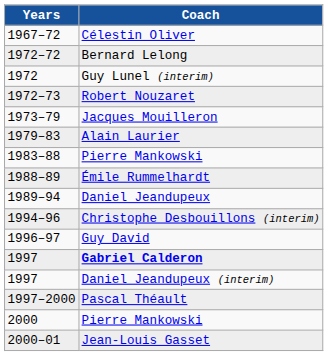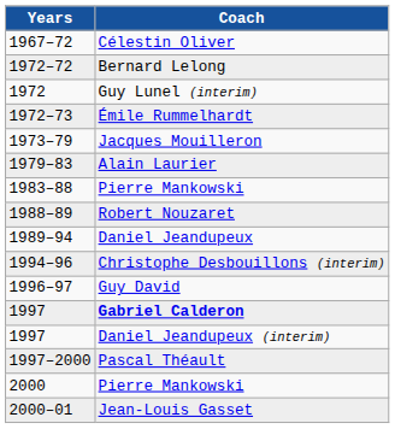 <table class="wikitable" style="font-size:95%; float:left; margin-right:1em;">
 <tr>
 <th style="color:#ffffff; background:#16529c;">Years</th>
 <th style="color:#ffffff; background:#16529c;">Coach</th>
 </tr>
 <tr>
 <td>1967–72</td>
 <td><a href='#'>Célestin Oliver</a></td>
 </tr>
 <tr style="background:#EEE">
 <td>1972–72</td>
 <td>Bernard Lelong</td>
 </tr>
 <tr>
 <td>1972</td>
 <td>Guy Lunel <small><em>(interim)</em></small></td>
 </tr>
 <tr style="background:#EEE">
 <td>1972–73</td>
-<td><a href='#'>Robert Nouzaret</a></td>
+<td><a href='#'>Émile Rummelhardt</a></td>
 </tr>
 <tr>
 <td>1973–79</td>
 <td><a href='#'>Jacques Mouilleron</a></td>
 </tr>
 <tr style="background:#EEE">
 <td>1979–83</td>
 <td><a href='#'>Alain Laurier</a></td>
 </tr>
 <tr>
 <td>1983–88</td>
 <td><a href='#'>Pierre Mankowski</a></td>
 </tr>
 <tr style="background:#EEE">
 <td>1988–89</td>
-<td><a href='#'>Émile Rummelhardt</a></td>
+<td><a href='#'>Robert Nouzaret</a></td>
 </tr>
 <tr>
 <td>1989–94</td>
 <td><a href='#'>Daniel Jeandupeux</a></td>
 </tr>
 <tr style="background:#EEE">
 <td>1994–96</td>
 <td><a href='#'>Christophe Desbouillons</a> <small><em>(interim)</em></small></td>
 </tr>
 <tr>
 <td>1996–97</td>
 <td><a href='#'>Guy David</a></td>
 </tr>
 <tr style="background:#EEE">
 <td nowrap>1997</td>
 <td><strong><a href='#'>Gabriel Calderon</a></strong></td>
 </tr>
 <tr>
 <td>1997</td>
 <td><a href='#'>Daniel Jeandupeux</a> <small><em>(interim)</em></small></td>
 </tr>
 <tr style="background:#EEE">
 <td>1997–2000</td>
 <td><a href='#'>Pascal Théault</a></td>
 </tr>
 <tr>
 <td>2000</td>
 <td><a href='#'>Pierre Mankowski</a></td>
 </tr>
 <tr style="background:#EEE">
 <td>2000–01</td>
 <td><a href='#'>Jean-Louis Gasset</a></td>
 </tr>
 </table>
